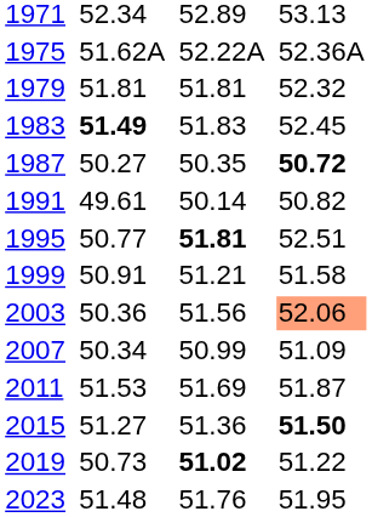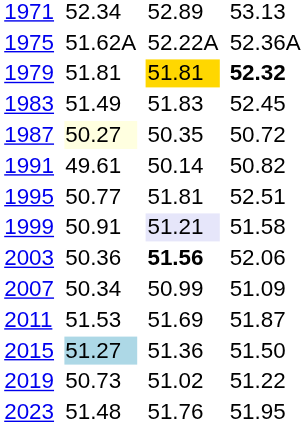 <table>
 <tr valign="top">
 <td><a href='#'>1971</a><br></td>
 <td></td>
 <td>52.34</td>
 <td></td>
 <td>52.89</td>
 <td></td>
 <td>53.13</td>
 </tr>
 <tr valign="top">
 <td><a href='#'>1975</a><br></td>
 <td></td>
 <td>51.62A</td>
 <td></td>
 <td>52.22A</td>
 <td></td>
 <td>52.36A</td>
 </tr>
 <tr valign="top">
 <td><a href='#'>1979</a><br></td>
 <td></td>
 <td>51.81</td>
 <td></td>
-<td>51.81</td>
+<td style="background: gold;">51.81</td>
 <td></td>
-<td>52.32</td>
+<td><strong>52.32</strong></td>
 </tr>
 <tr valign="top">
 <td><a href='#'>1983</a><br></td>
 <td></td>
-<td><strong>51.49</strong></td>
+<td>51.49</td>
 <td></td>
 <td>51.83</td>
 <td></td>
 <td>52.45</td>
 </tr>
 <tr valign="top">
 <td><a href='#'>1987</a><br></td>
 <td></td>
-<td>50.27</td>
+<td style="background: lightyellow;">50.27</td>
 <td></td>
 <td>50.35</td>
 <td></td>
-<td><strong>50.72</strong></td>
+<td>50.72</td>
 </tr>
 <tr valign="top">
 <td><a href='#'>1991</a><br></td>
 <td></td>
 <td>49.61</td>
 <td></td>
 <td>50.14</td>
 <td></td>
 <td>50.82</td>
 </tr>
 <tr valign="top">
 <td><a href='#'>1995</a><br></td>
 <td></td>
 <td>50.77</td>
 <td></td>
-<td><strong>51.81</strong></td>
+<td>51.81</td>
 <td></td>
 <td>52.51</td>
 </tr>
 <tr valign="top">
 <td><a href='#'>1999</a><br></td>
 <td></td>
 <td>50.91</td>
 <td></td>
-<td>51.21</td>
+<td style="background: lavender;">51.21</td>
 <td></td>
 <td>51.58</td>
 </tr>
 <tr valign="top">
 <td><a href='#'>2003</a><br></td>
 <td></td>
 <td>50.36</td>
 <td></td>
-<td>51.56</td>
+<td><strong>51.56</strong></td>
 <td></td>
-<td style="background: lightsalmon;">52.06</td>
+<td>52.06</td>
 </tr>
 <tr valign="top">
 <td><a href='#'>2007</a><br></td>
 <td></td>
 <td>50.34</td>
 <td></td>
 <td>50.99</td>
 <td></td>
 <td>51.09</td>
 </tr>
 <tr valign="top">
 <td><a href='#'>2011</a><br></td>
 <td></td>
 <td>51.53 </td>
 <td></td>
 <td>51.69 </td>
 <td></td>
 <td>51.87</td>
 </tr>
 <tr valign="top">
 <td><a href='#'>2015</a><br></td>
 <td></td>
-<td>51.27</td>
+<td style="background: lightblue;">51.27</td>
 <td></td>
 <td>51.36</td>
 <td></td>
-<td><strong>51.50</strong></td>
+<td>51.50</td>
 </tr>
 <tr valign="top">
 <td><a href='#'>2019</a><br></td>
 <td></td>
 <td>50.73</td>
 <td></td>
-<td><strong>51.02 </strong></td>
+<td>51.02 </td>
 <td></td>
 <td>51.22</td>
 </tr>
 <tr valign="top">
 <td><a href='#'>2023</a><br></td>
 <td></td>
 <td>51.48</td>
 <td></td>
 <td>51.76</td>
 <td></td>
 <td>51.95</td>
 </tr>
 </table>
